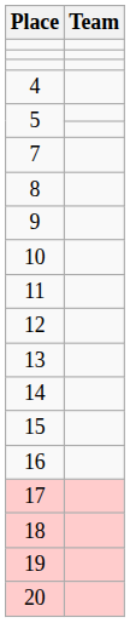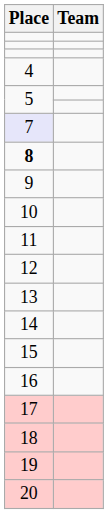 <table class="wikitable">
 <tr>
 <th>Place</th>
 <th>Team</th>
 </tr>
 <tr>
 <td align=center></td>
 <td></td>
 </tr>
 <tr>
 <td align=center></td>
 <td></td>
 </tr>
 <tr>
 <td align=center></td>
 <td></td>
 </tr>
 <tr>
 <td align=center>4</td>
 <td></td>
 </tr>
 <tr>
 <td rowspan=2 align=center>5</td>
 <td></td>
 </tr>
 <tr>
 <td></td>
 </tr>
 <tr>
-<td align=center>7</td>
+<td align=center style="background: lavender;">7</td>
 <td></td>
 </tr>
 <tr>
-<td align=center>8</td>
+<td align=center><strong>8</strong></td>
 <td></td>
 </tr>
 <tr>
 <td align=center>9</td>
 <td></td>
 </tr>
 <tr>
 <td align=center>10</td>
 <td></td>
 </tr>
 <tr>
 <td align=center>11</td>
 <td></td>
 </tr>
 <tr>
 <td align=center>12</td>
 <td></td>
 </tr>
 <tr>
 <td align=center>13</td>
 <td></td>
 </tr>
 <tr>
 <td align=center>14</td>
 <td></td>
 </tr>
 <tr>
 <td align=center>15</td>
 <td></td>
 </tr>
 <tr>
 <td align=center>16</td>
 <td></td>
 </tr>
 <tr bgcolor=#ffcccc>
 <td align=center>17</td>
 <td></td>
 </tr>
 <tr bgcolor=#ffcccc>
 <td align=center>18</td>
 <td></td>
 </tr>
 <tr bgcolor=#ffcccc>
 <td align=center>19</td>
 <td></td>
 </tr>
 <tr bgcolor=#ffcccc>
 <td align=center>20</td>
 <td></td>
 </tr>
 </table>
